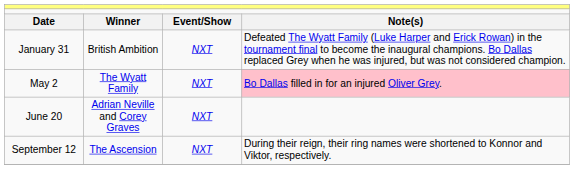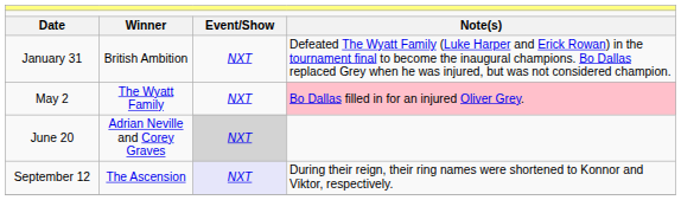 <table class="wikitable" style="text-align:center; width:100%;">
 <tr style="background:#FFFF80;">
 <td colspan="5"></td>
 </tr>
 <tr>
 <td colspan="5"><strong></strong></td>
 </tr>
 <tr>
 <th width=14%>Date</th>
 <th width=14%>Winner</th>
 <th width=14%>Event/Show</th>
 <th width=58%>Note(s)</th>
 </tr>
 <tr>
 <td>January 31<br></td>
 <td>British Ambition<br></td>
 <td><em><a href='#'>NXT</a></em></td>
 <td align=left>Defeated <a href='#'>The Wyatt Family</a> (<a href='#'>Luke Harper</a> and <a href='#'>Erick Rowan</a>) in the <a href='#'>tournament final</a> to become the inaugural champions. <a href='#'>Bo Dallas</a> replaced Grey when he was injured, but was not considered champion.</td>
 </tr>
 <tr>
 <td>May 2<br></td>
 <td><a href='#'>The Wyatt Family</a><br></td>
 <td><em><a href='#'>NXT</a></em></td>
 <td align=left style="background: pink;"><a href='#'>Bo Dallas</a> filled in for an injured <a href='#'>Oliver Grey</a>.</td>
 </tr>
 <tr>
 <td>June 20<br></td>
 <td><a href='#'>Adrian Neville</a> and <a href='#'>Corey Graves</a></td>
-<td><em><a href='#'>NXT</a></em></td>
+<td style="background: lightgrey;"><em><a href='#'>NXT</a></em></td>
 <td></td>
 </tr>
 <tr>
 <td>September 12<br></td>
 <td><a href='#'>The Ascension</a><br></td>
-<td><em><a href='#'>NXT</a></em></td>
+<td style="background: lavender;"><em><a href='#'>NXT</a></em></td>
 <td align=left>During their reign, their ring names were shortened to Konnor and Viktor, respectively.</td>
 </tr>
 <tr>
 </tr>
 </table>
